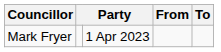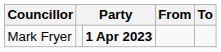 <table class=wikitable>
 <tr>
 <th>Councillor</th>
 <th colspan=2>Party</th>
 <th>From</th>
 <th>To</th>
 </tr>
 <tr>
 <td>Mark Fryer</td>
 <td></td>
-<td align=right>1 Apr 2023</td>
+<td align=right><strong>1 Apr 2023</strong></td>
 <td></td>
 </tr>
 </table>
